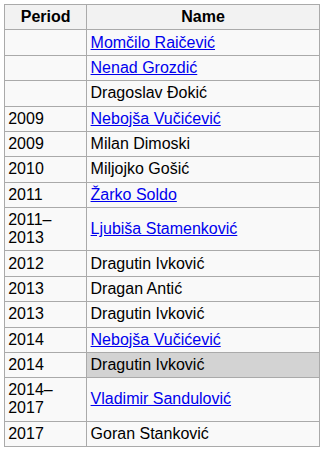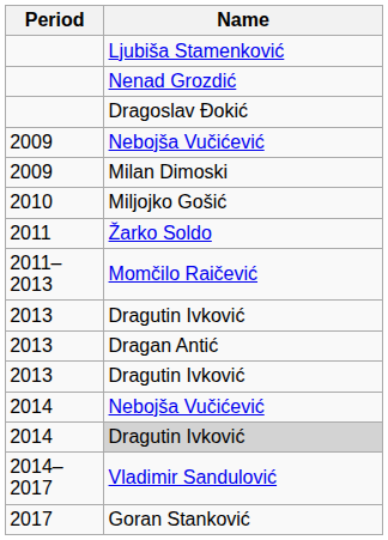 <table class="wikitable">
 <tr>
 <th width="75">Period</th>
 <th width="225">Name</th>
 </tr>
 <tr>
 <td></td>
-<td> <a href='#'>Momčilo Raičević</a></td>
+<td> <a href='#'>Ljubiša Stamenković</a></td>
 </tr>
 <tr>
 <td></td>
 <td> <a href='#'>Nenad Grozdić</a></td>
 </tr>
 <tr>
 <td></td>
 <td> Dragoslav Đokić</td>
 </tr>
 <tr>
 <td>2009</td>
 <td> <a href='#'>Nebojša Vučićević</a></td>
 </tr>
 <tr>
 <td>2009</td>
 <td> Milan Dimoski</td>
 </tr>
 <tr>
 <td>2010</td>
 <td> Miljojko Gošić</td>
 </tr>
 <tr>
 <td>2011</td>
 <td> <a href='#'>Žarko Soldo</a></td>
 </tr>
 <tr>
 <td>2011–2013</td>
-<td> <a href='#'>Ljubiša Stamenković</a></td>
+<td> <a href='#'>Momčilo Raičević</a></td>
 </tr>
 <tr>
-<td>2012</td>
+<td>2013</td>
 <td> Dragutin Ivković</td>
 </tr>
 <tr>
 <td>2013</td>
 <td> Dragan Antić</td>
 </tr>
 <tr>
 <td>2013</td>
 <td> Dragutin Ivković</td>
 </tr>
 <tr>
 <td>2014</td>
 <td> <a href='#'>Nebojša Vučićević</a></td>
 </tr>
 <tr>
 <td>2014</td>
 <td style="background: lightgrey;"> Dragutin Ivković</td>
 </tr>
 <tr>
 <td>2014–2017</td>
 <td> <a href='#'>Vladimir Sandulović</a></td>
 </tr>
 <tr>
 <td>2017</td>
 <td> Goran Stanković</td>
 </tr>
 </table>
